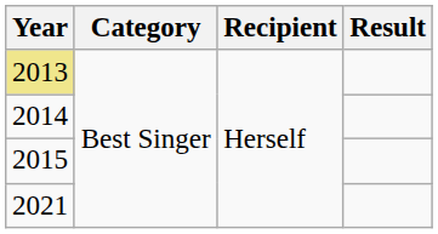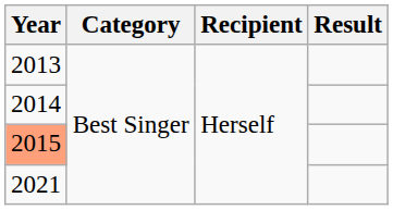 <table class="wikitable">
 <tr>
 <th>Year</th>
 <th>Category</th>
 <th>Recipient</th>
 <th>Result</th>
 </tr>
 <tr>
-<td style="background: khaki;">2013</td>
+<td>2013</td>
 <td rowspan=4>Best Singer</td>
 <td rowspan=4>Herself</td>
 <td></td>
 </tr>
 <tr>
 <td>2014</td>
 <td></td>
 </tr>
 <tr>
-<td>2015</td>
+<td style="background: lightsalmon;">2015</td>
 <td></td>
 </tr>
 <tr>
 <td>2021</td>
 <td></td>
 </tr>
 </table>
